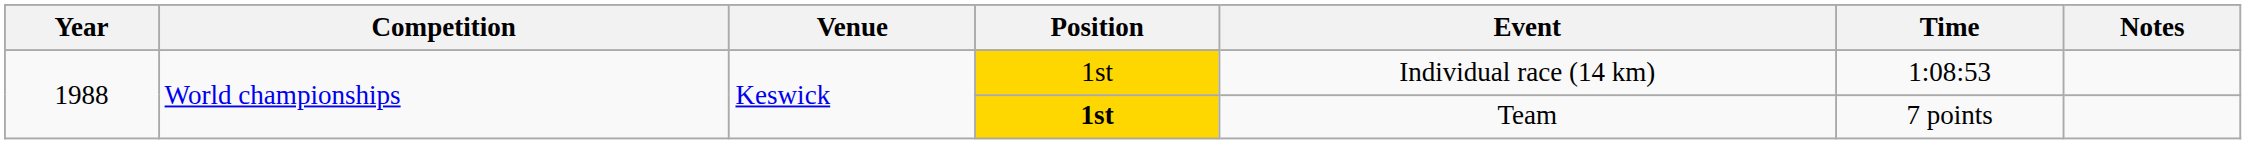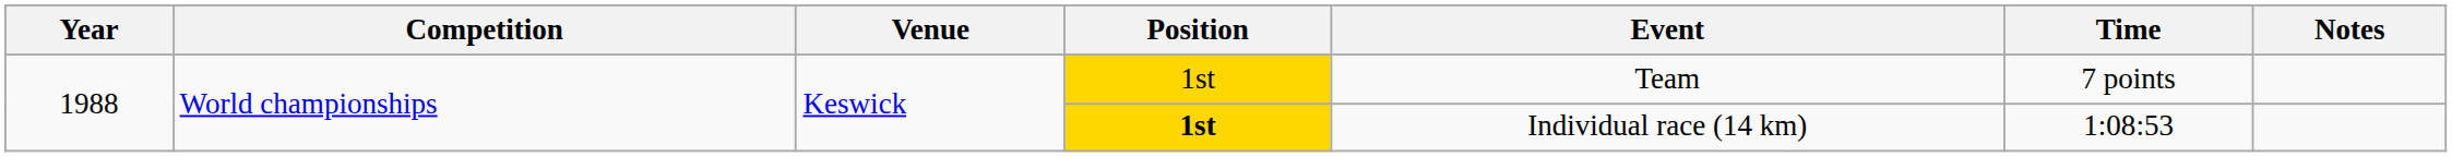 <table class="wikitable" width=60% style="font-size:90%; text-align:center;">
 <tr>
 <th>Year</th>
 <th>Competition</th>
 <th>Venue</th>
 <th>Position</th>
 <th>Event</th>
 <th>Time</th>
 <th>Notes</th>
 </tr>
 <tr>
 <td rowspan=2>1988</td>
 <td align=left rowspan=2><a href='#'>World championships</a></td>
 <td align=left rowspan=2> <a href='#'>Keswick</a></td>
 <td bgcolor=gold>1st</td>
+<td>Team</td>
+<td>7 points</td>
+<td></td>
+</tr>
+<tr>
+<td bgcolor=gold><strong>1st</strong></td>
 <td>Individual race (14 km)</td>
 <td>1:08:53</td>
 <td></td>
 </tr>
-<tr>
-<td bgcolor=gold><strong>1st</strong></td>
-<td>Team</td>
-<td>7 points</td>
-<td></td>
-</tr>
 </table>
